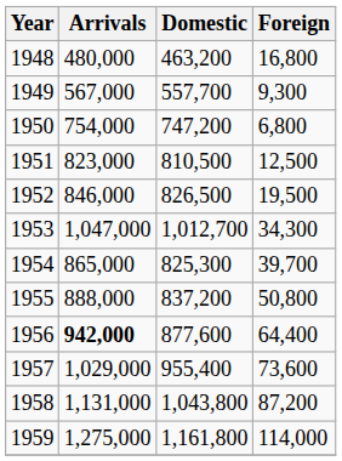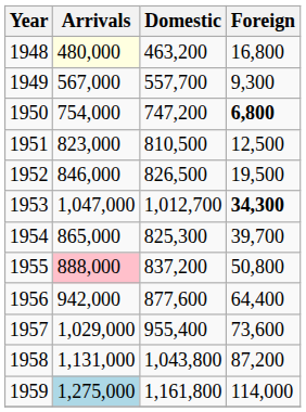 <table class="wikitable" style="display: inline-table;">
 <tr>
 <th>Year</th>
 <th>Arrivals</th>
 <th>Domestic</th>
 <th>Foreign</th>
 </tr>
 <tr ->
 <td>1948</td>
-<td>480,000</td>
+<td style="background: lightyellow;">480,000</td>
 <td>463,200</td>
 <td>16,800</td>
 </tr>
 <tr ->
 <td>1949</td>
 <td>567,000</td>
 <td>557,700</td>
 <td>9,300</td>
 </tr>
 <tr ->
 <td>1950</td>
 <td>754,000</td>
 <td>747,200</td>
-<td>6,800</td>
+<td><strong>6,800</strong></td>
 </tr>
 <tr ->
 <td>1951</td>
 <td>823,000</td>
 <td>810,500</td>
 <td>12,500</td>
 </tr>
 <tr ->
 <td>1952</td>
 <td>846,000</td>
 <td>826,500</td>
 <td>19,500</td>
 </tr>
 <tr ->
 <td>1953</td>
 <td>1,047,000</td>
 <td>1,012,700</td>
-<td>34,300</td>
+<td><strong>34,300</strong></td>
 </tr>
 <tr ->
 <td>1954</td>
 <td>865,000</td>
 <td>825,300</td>
 <td>39,700</td>
 </tr>
 <tr ->
 <td>1955</td>
-<td>888,000</td>
+<td style="background: pink;">888,000</td>
 <td>837,200</td>
 <td>50,800</td>
 </tr>
 <tr ->
 <td>1956</td>
-<td><strong>942,000</strong></td>
+<td>942,000</td>
 <td>877,600</td>
 <td>64,400</td>
 </tr>
 <tr ->
 <td>1957</td>
 <td>1,029,000</td>
 <td>955,400</td>
 <td>73,600</td>
 </tr>
 <tr ->
 <td>1958</td>
 <td>1,131,000</td>
 <td>1,043,800</td>
 <td>87,200</td>
 </tr>
 <tr ->
 <td>1959</td>
-<td>1,275,000</td>
+<td style="background: lightblue;">1,275,000</td>
 <td>1,161,800</td>
 <td>114,000</td>
 </tr>
 <tr ->
 </tr>
 </table>
